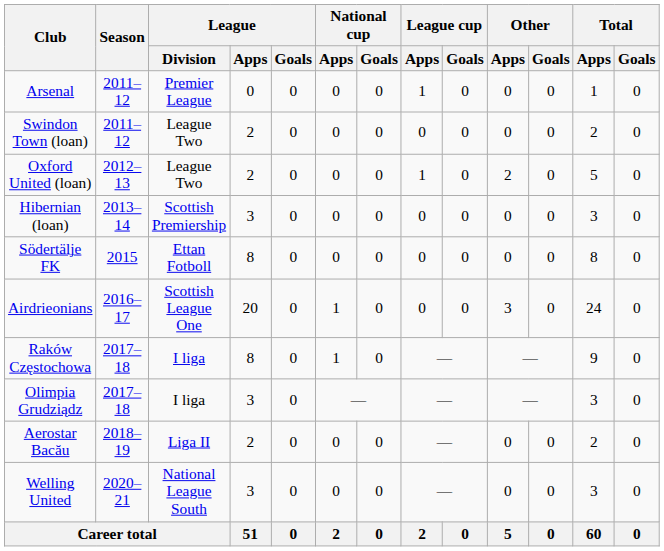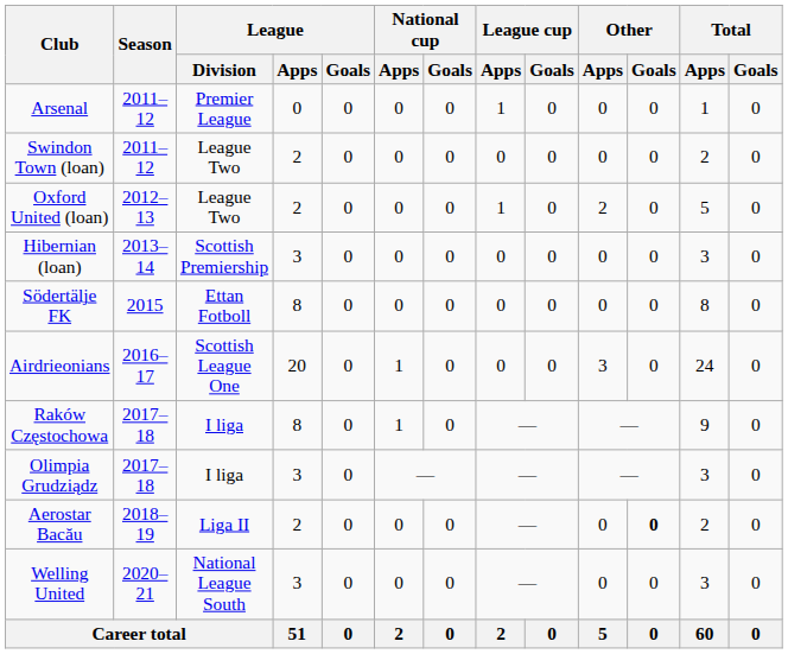 <table class="wikitable" style="text-align: center;">
 <tr>
 <th rowspan="2">Club</th>
 <th rowspan="2">Season</th>
 <th colspan="3">League</th>
 <th colspan="2">National cup</th>
 <th colspan="2">League cup</th>
 <th colspan="2">Other</th>
 <th colspan="2">Total</th>
 </tr>
 <tr>
 <th>Division</th>
 <th>Apps</th>
 <th>Goals</th>
 <th>Apps</th>
 <th>Goals</th>
 <th>Apps</th>
 <th>Goals</th>
 <th>Apps</th>
 <th>Goals</th>
 <th>Apps</th>
 <th>Goals</th>
 </tr>
 <tr>
 <td><a href='#'>Arsenal</a></td>
 <td><a href='#'>2011–12</a></td>
 <td><a href='#'>Premier League</a></td>
 <td>0</td>
 <td>0</td>
 <td>0</td>
 <td>0</td>
 <td>1</td>
 <td>0</td>
 <td>0</td>
 <td>0</td>
 <td>1</td>
 <td>0</td>
 </tr>
 <tr>
 <td><a href='#'>Swindon Town</a> (loan)</td>
 <td><a href='#'>2011–12</a></td>
 <td>League Two</td>
 <td>2</td>
 <td>0</td>
 <td>0</td>
 <td>0</td>
 <td>0</td>
 <td>0</td>
 <td>0</td>
 <td>0</td>
 <td>2</td>
 <td>0</td>
 </tr>
 <tr>
 <td><a href='#'>Oxford United</a> (loan)</td>
 <td><a href='#'>2012–13</a></td>
 <td>League Two</td>
 <td>2</td>
 <td>0</td>
 <td>0</td>
 <td>0</td>
 <td>1</td>
 <td>0</td>
 <td>2</td>
 <td>0</td>
 <td>5</td>
 <td>0</td>
 </tr>
 <tr>
 <td><a href='#'>Hibernian</a> (loan)</td>
 <td><a href='#'>2013–14</a></td>
 <td><a href='#'>Scottish Premiership</a></td>
 <td>3</td>
 <td>0</td>
 <td>0</td>
 <td>0</td>
 <td>0</td>
 <td>0</td>
 <td>0</td>
 <td>0</td>
 <td>3</td>
 <td>0</td>
 </tr>
 <tr>
 <td><a href='#'>Södertälje FK</a></td>
 <td><a href='#'>2015</a></td>
 <td><a href='#'>Ettan Fotboll</a></td>
 <td>8</td>
 <td>0</td>
 <td>0</td>
 <td>0</td>
 <td>0</td>
 <td>0</td>
 <td>0</td>
 <td>0</td>
 <td>8</td>
 <td>0</td>
 </tr>
 <tr>
 <td><a href='#'>Airdrieonians</a></td>
 <td><a href='#'>2016–17</a></td>
 <td><a href='#'>Scottish League One</a></td>
 <td>20</td>
 <td>0</td>
 <td>1</td>
 <td>0</td>
 <td>0</td>
 <td>0</td>
 <td>3</td>
 <td>0</td>
 <td>24</td>
 <td>0</td>
 </tr>
 <tr>
 <td><a href='#'>Raków Częstochowa</a></td>
 <td><a href='#'>2017–18</a></td>
 <td><a href='#'>I liga</a></td>
 <td>8</td>
 <td>0</td>
 <td>1</td>
 <td>0</td>
 <td colspan="2">—</td>
 <td colspan="2">—</td>
 <td>9</td>
 <td>0</td>
 </tr>
 <tr>
 <td><a href='#'>Olimpia Grudziądz</a></td>
 <td><a href='#'>2017–18</a></td>
 <td>I liga</td>
 <td>3</td>
 <td>0</td>
 <td colspan="2">—</td>
 <td colspan="2">—</td>
 <td colspan="2">—</td>
 <td>3</td>
 <td>0</td>
 </tr>
 <tr>
 <td><a href='#'>Aerostar Bacău</a></td>
 <td><a href='#'>2018–19</a></td>
 <td><a href='#'>Liga II</a></td>
 <td>2</td>
 <td>0</td>
 <td>0</td>
 <td>0</td>
 <td colspan="2">—</td>
 <td>0</td>
-<td>0</td>
+<td><strong>0</strong></td>
 <td>2</td>
 <td>0</td>
 </tr>
 <tr>
 <td><a href='#'>Welling United</a></td>
 <td><a href='#'>2020–21</a></td>
 <td><a href='#'>National League South</a></td>
 <td>3</td>
 <td>0</td>
 <td>0</td>
 <td>0</td>
 <td colspan="2">—</td>
 <td>0</td>
 <td>0</td>
 <td>3</td>
 <td>0</td>
 </tr>
 <tr>
 <th colspan="3">Career total</th>
 <th>51</th>
 <th>0</th>
 <th>2</th>
 <th>0</th>
 <th>2</th>
 <th>0</th>
 <th>5</th>
 <th>0</th>
 <th>60</th>
 <th>0</th>
 </tr>
 </table>
